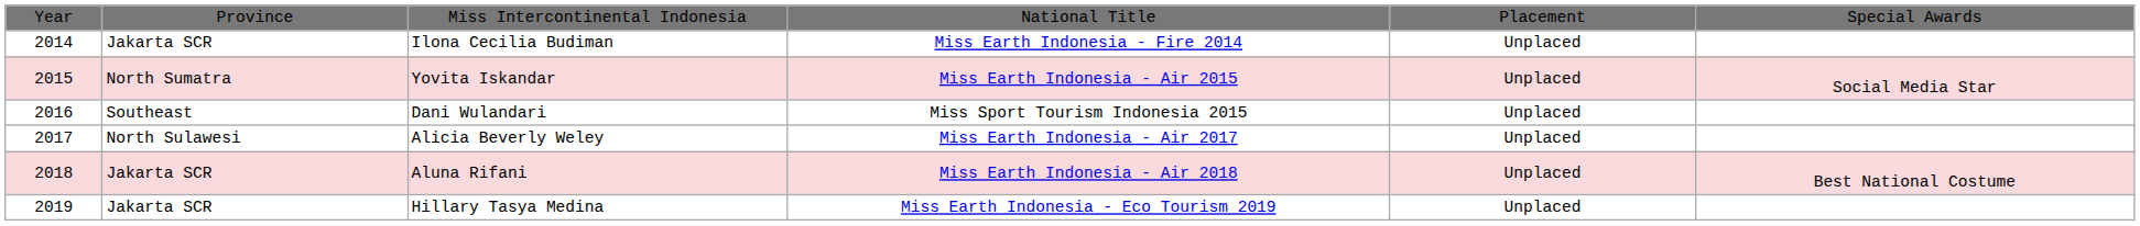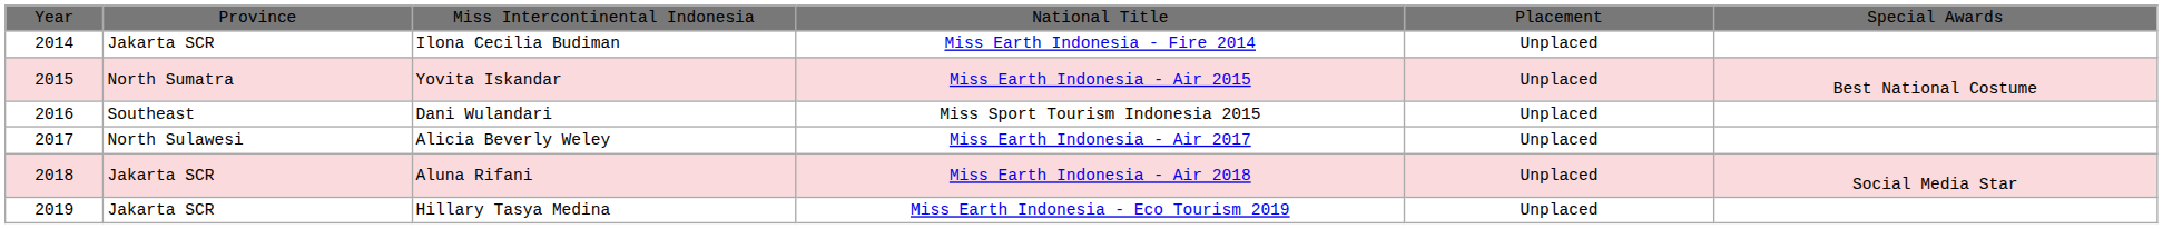 <table class="wikitable" style="margin: 1em 1em 1em 0; background: #FFFFFF; border: 1px #aaa solid; border-collapse: collapse; font-size: 83%; text-align:center">
 <tr bgcolor="#787878" colspan=10 align="center">
 <td width="60"><span>Year</span></td>
 <td width="200"><span>Province</span></td>
 <td width="250"><span>Miss Intercontinental Indonesia</span></td>
 <td width="400"><span>National Title</span></td>
 <td width="200"><span>Placement</span></td>
 <td width="290"><span>Special Awards</span></td>
 </tr>
 <tr>
 <td>2014</td>
 <td align="left">Jakarta SCR</td>
 <td align="left">Ilona Cecilia Budiman </td>
 <td><a href='#'>Miss Earth Indonesia - Fire 2014</a></td>
 <td>Unplaced</td>
 <td></td>
 </tr>
 <tr style="background-color:#FADADD;: bold">
 <td>2015</td>
 <td align="left">North Sumatra</td>
 <td align="left">Yovita Iskandar </td>
 <td><a href='#'>Miss Earth Indonesia - Air 2015</a></td>
 <td>Unplaced</td>
-<td><br>Social Media Star</td>
+<td><br>Best National Costume</td>
 </tr>
 <tr>
 <td>2016</td>
 <td align="left">Southeast</td>
 <td align="left">Dani Wulandari </td>
 <td>Miss Sport Tourism Indonesia 2015</td>
 <td>Unplaced</td>
 <td></td>
 </tr>
 <tr>
 <td>2017</td>
 <td align="left">North Sulawesi</td>
 <td align="left">Alicia Beverly Weley </td>
 <td><a href='#'>Miss Earth Indonesia - Air 2017</a></td>
 <td>Unplaced</td>
 <td></td>
 </tr>
 <tr style="background-color:#FADADD;: bold">
 <td>2018</td>
 <td align="left">Jakarta SCR</td>
 <td align="left">Aluna Rifani </td>
 <td><a href='#'>Miss Earth Indonesia - Air 2018</a></td>
 <td>Unplaced</td>
-<td><br>Best National Costume</td>
+<td><br>Social Media Star</td>
 </tr>
 <tr>
 <td>2019</td>
 <td align="left">Jakarta SCR</td>
 <td align="left">Hillary Tasya Medina </td>
 <td><a href='#'>Miss Earth Indonesia - Eco Tourism 2019</a></td>
 <td>Unplaced</td>
 <td></td>
 </tr>
 </table>
